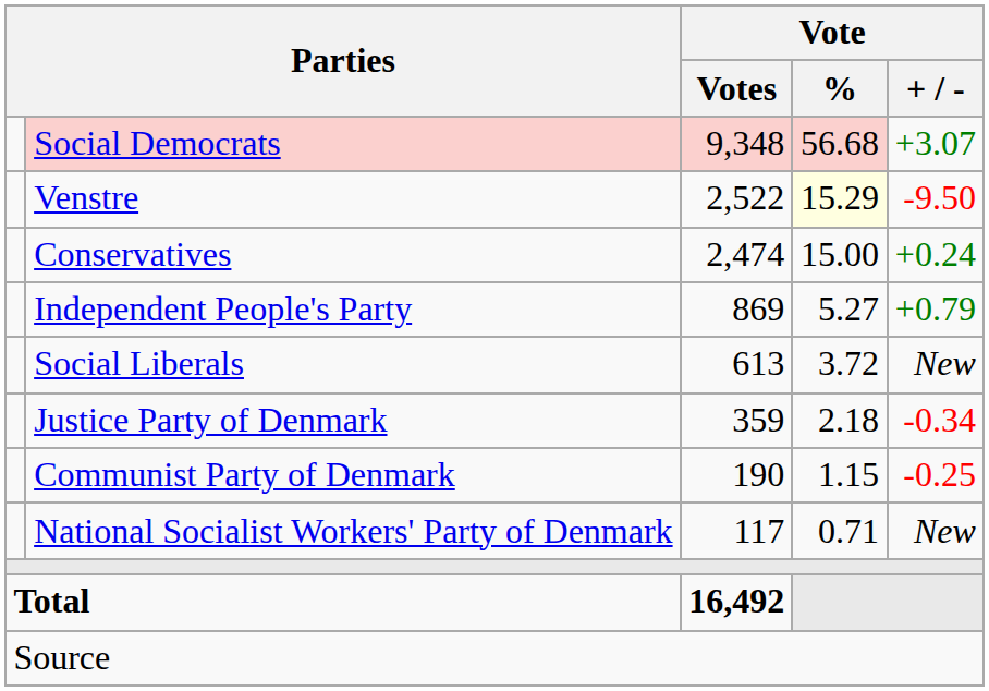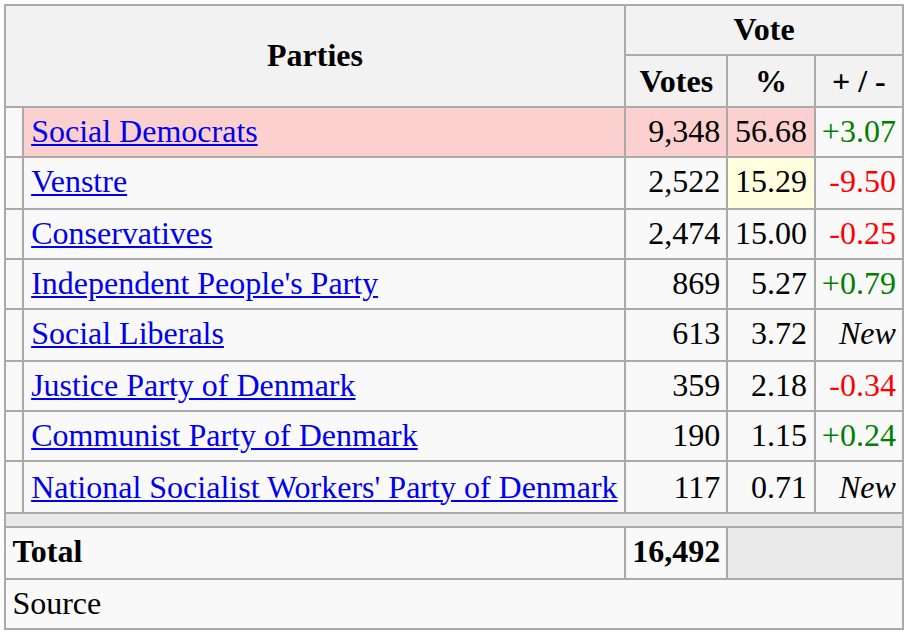 <table class="wikitable" style="text-align:right;">
 <tr>
 <th style="text-align:centre;" rowspan="2" colspan="2" width="225">Parties</th>
 <th colspan="3">Vote</th>
 </tr>
 <tr>
 <th width="15">Votes</th>
 <th width="15">%</th>
 <th width="15">+ / -</th>
 </tr>
 <tr>
 <td width="2" style="color:inherit;background:"></td>
 <td bgcolor=#fbd0ce  align="left"><a href='#'>Social Democrats</a></td>
 <td bgcolor=#fbd0ce>9,348</td>
 <td bgcolor=#fbd0ce>56.68</td>
 <td style=color:green;>+3.07</td>
 </tr>
 <tr>
 <td width="2" style="color:inherit;background:"></td>
 <td align="left"><a href='#'>Venstre</a></td>
 <td>2,522</td>
 <td style="background: lightyellow;">15.29</td>
 <td style=color:red;>-9.50</td>
 </tr>
 <tr>
 <td width="2" style="color:inherit;background:"></td>
 <td align="left"><a href='#'>Conservatives</a></td>
 <td>2,474</td>
 <td>15.00</td>
-<td style=color:green;>+0.24</td>
+<td style=color:red;>-0.25</td>
 </tr>
 <tr>
 <td width="2" style="color:inherit;background:"></td>
 <td align="left"><a href='#'>Independent People's Party</a></td>
 <td>869</td>
 <td>5.27</td>
 <td style=color:green;>+0.79</td>
 </tr>
 <tr>
 <td width="2" style="color:inherit;background:"></td>
 <td align="left"><a href='#'>Social Liberals</a></td>
 <td>613</td>
 <td>3.72</td>
 <td><em>New</em></td>
 </tr>
 <tr>
 <td width="2" style="color:inherit;background:"></td>
 <td align="left"><a href='#'>Justice Party of Denmark</a></td>
 <td>359</td>
 <td>2.18</td>
 <td style=color:red;>-0.34</td>
 </tr>
 <tr>
 <td width="2" style="color:inherit;background:"></td>
 <td align="left"><a href='#'>Communist Party of Denmark</a></td>
 <td>190</td>
 <td>1.15</td>
-<td style=color:red;>-0.25</td>
+<td style=color:green;>+0.24</td>
 </tr>
 <tr>
 <td width="2" style="color:inherit;background:"></td>
 <td align="left"><a href='#'>National Socialist Workers' Party of Denmark</a></td>
 <td>117</td>
 <td>0.71</td>
 <td><em>New</em></td>
 </tr>
 <tr>
 <td colspan="7" bgcolor="#E9E9E9"></td>
 </tr>
 <tr>
 <td align="left" colspan="2"><strong>Total</strong></td>
 <td><strong>16,492</strong></td>
 <td bgcolor="#E9E9E9" colspan="2"></td>
 </tr>
 <tr>
 <td align="left" colspan="6">Source</td>
 </tr>
 </table>
